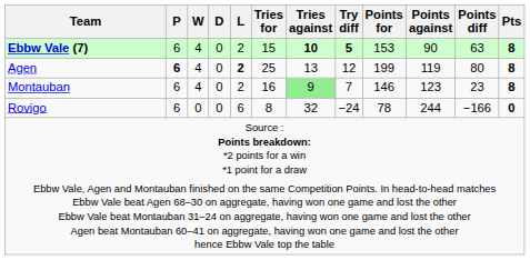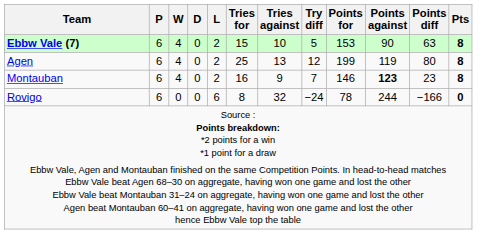 <table class="wikitable" style="text-align: center;">
 <tr>
 <th width="200">Team</th>
 <th width="20">P</th>
 <th width="20">W</th>
 <th width="20">D</th>
 <th width="20">L</th>
 <th width="20">Tries for</th>
 <th width="20">Tries against</th>
 <th width="20">Try diff</th>
 <th width="20">Points for</th>
 <th width="20">Points against</th>
 <th width="25">Points diff</th>
 <th width="20">Pts</th>
 </tr>
 <tr bgcolor="#ccffcc">
 <td align="left"> <strong><a href='#'>Ebbw Vale</a> (7)</strong></td>
 <td>6</td>
 <td>4</td>
 <td>0</td>
 <td>2</td>
 <td>15</td>
-<td><strong>10</strong></td>
-<td><strong>5</strong></td>
+<td>10</td>
+<td>5</td>
 <td>153</td>
 <td>90</td>
 <td>63</td>
 <td><strong>8</strong></td>
 </tr>
 <tr>
 <td align="left"> <a href='#'>Agen</a></td>
-<td><strong>6</strong></td>
+<td>6</td>
 <td>4</td>
 <td>0</td>
-<td><strong>2</strong></td>
+<td>2</td>
 <td>25</td>
 <td>13</td>
 <td>12</td>
 <td>199</td>
 <td>119</td>
 <td>80</td>
 <td><strong>8</strong></td>
 </tr>
 <tr>
 <td align="left"> <a href='#'>Montauban</a></td>
 <td>6</td>
 <td>4</td>
 <td>0</td>
 <td>2</td>
 <td>16</td>
-<td style="background: lightgreen;">9</td>
+<td>9</td>
 <td>7</td>
 <td>146</td>
-<td>123</td>
+<td><strong>123</strong></td>
 <td>23</td>
 <td><strong>8</strong></td>
 </tr>
 <tr>
 <td align="left"> <a href='#'>Rovigo</a></td>
 <td>6</td>
 <td>0</td>
 <td>0</td>
 <td>6</td>
 <td>8</td>
 <td>32</td>
 <td>−24</td>
 <td>78</td>
 <td>244</td>
 <td>−166</td>
 <td><strong>0</strong></td>
 </tr>
 <tr |align=left|>
 <td colspan="14" style="border:0px"><small>Source :  <br><strong>Points breakdown:</strong><br>*2 points for a win<br>*1 point for a draw</small></td>
 </tr>
 <tr |align=left|>
 <td colspan="14" style="border:0px"><small>Ebbw Vale, Agen and Montauban finished on the same Competition Points. In head-to-head matches<br>Ebbw Vale beat Agen 68–30 on aggregate, having won one game and lost the other<br>Ebbw Vale beat Montauban 31–24 on aggregate, having won one game and lost the other<br>Agen beat Montauban 60–41 on aggregate, having won one game and lost the other<br>hence Ebbw Vale top the table</small></td>
 </tr>
 </table>
